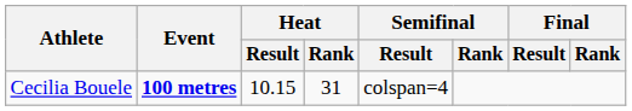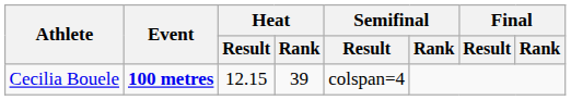 <table class="wikitable" style="font-size:90%">
 <tr>
 <th rowspan="2">Athlete</th>
 <th rowspan="2">Event</th>
 <th colspan="2">Heat</th>
 <th colspan="2">Semifinal</th>
 <th colspan="2">Final</th>
 </tr>
 <tr style="font-size:95%">
 <th>Result</th>
 <th>Rank</th>
 <th>Result</th>
 <th>Rank</th>
 <th>Result</th>
 <th>Rank</th>
 </tr>
 <tr style=text-align:center>
 <td style=text-align:left><a href='#'>Cecilia Bouele</a></td>
 <td style=text-align:left rowspan=1><strong><a href='#'>100 metres</a></strong></td>
-<td>10.15</td>
-<td>31</td>
+<td>12.15</td>
+<td>39</td>
 <td>colspan=4 </td>
 </tr>
 </table>
